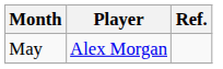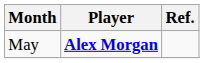 <table class=wikitable>
 <tr>
 <th>Month</th>
 <th>Player</th>
 <th>Ref.</th>
 </tr>
 <tr>
 <td>May</td>
-<td> <a href='#'>Alex Morgan</a></td>
+<td><strong> <a href='#'>Alex Morgan</a></strong></td>
 <td></td>
 </tr>
 <tr>
 </tr>
 </table>
